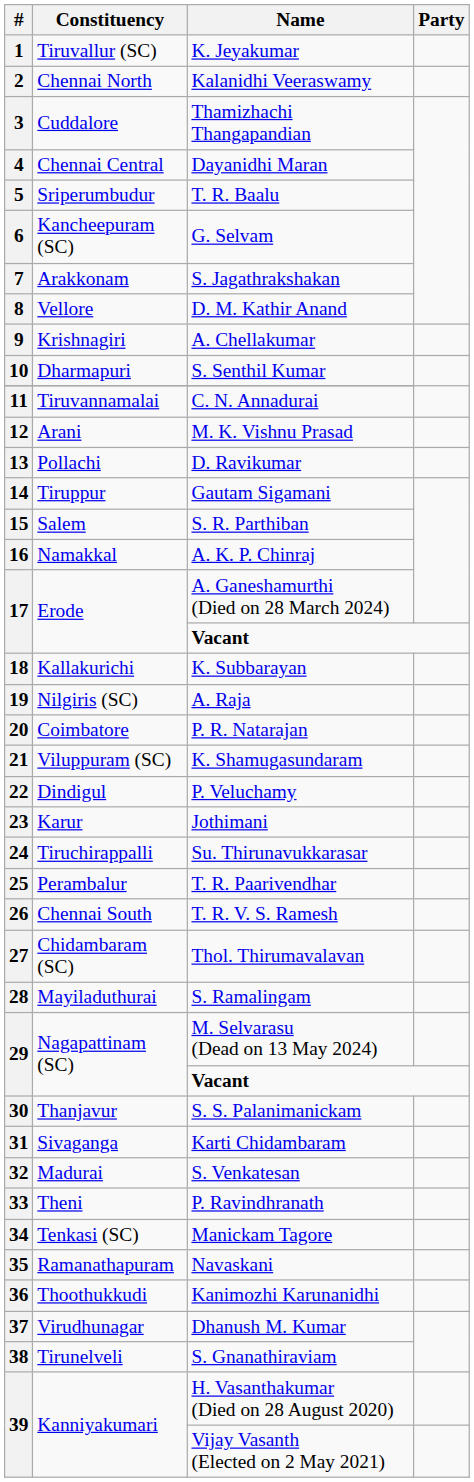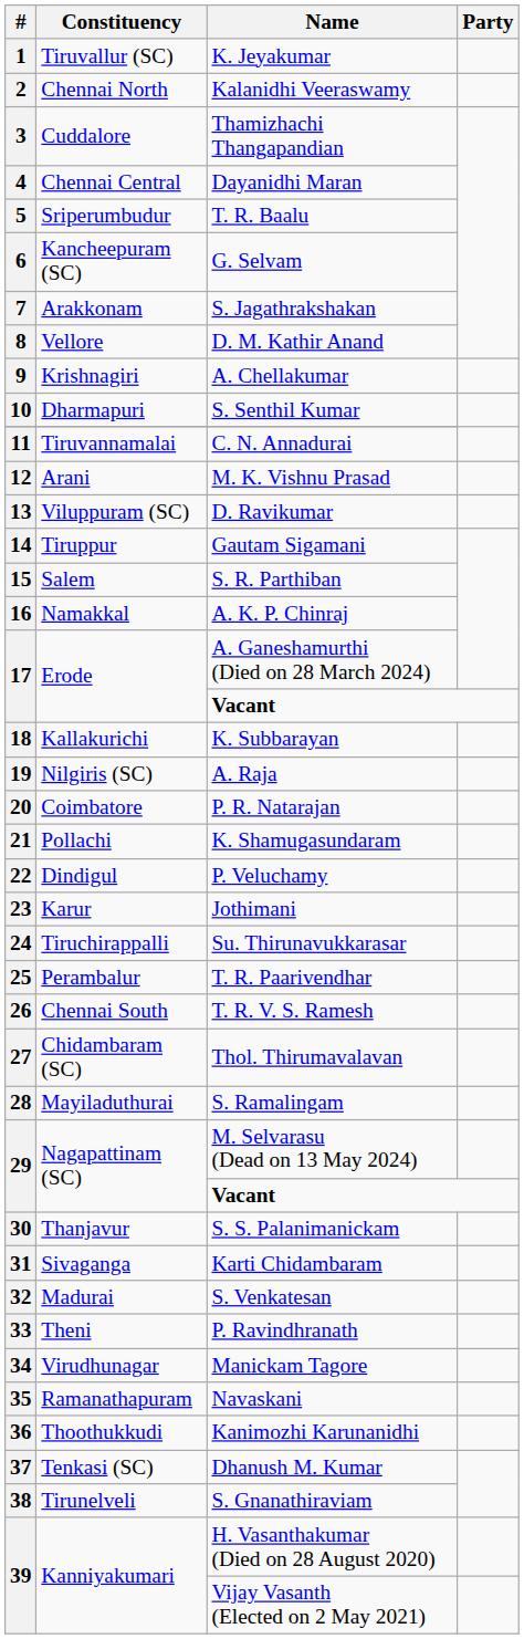 <table class="wikitable sortable">
 <tr>
 <th>#</th>
 <th style="width:120px">Constituency</th>
 <th style="width:180px">Name</th>
 <th colspan=2>Party</th>
 </tr>
 <tr>
 <th>1</th>
 <td><a href='#'>Tiruvallur</a> (SC)</td>
 <td><a href='#'>K. Jeyakumar</a></td>
 <td></td>
 </tr>
 <tr>
 <th>2</th>
 <td><a href='#'>Chennai North</a></td>
 <td><a href='#'>Kalanidhi Veeraswamy</a></td>
 <td></td>
 </tr>
 <tr>
 <th>3</th>
 <td><a href='#'>Cuddalore</a></td>
 <td><a href='#'>Thamizhachi Thangapandian</a></td>
 </tr>
 <tr>
 <th>4</th>
 <td><a href='#'>Chennai Central</a></td>
 <td><a href='#'>Dayanidhi Maran</a></td>
 </tr>
 <tr>
 <th>5</th>
 <td><a href='#'>Sriperumbudur</a></td>
 <td><a href='#'>T. R. Baalu</a></td>
 </tr>
 <tr>
 <th>6</th>
 <td><a href='#'>Kancheepuram</a> (SC)</td>
 <td><a href='#'>G. Selvam</a></td>
 </tr>
 <tr>
 <th>7</th>
 <td><a href='#'>Arakkonam</a></td>
 <td><a href='#'>S. Jagathrakshakan</a></td>
 </tr>
 <tr>
 <th>8</th>
 <td><a href='#'>Vellore</a></td>
 <td><a href='#'>D. M. Kathir Anand</a></td>
 </tr>
 <tr>
 <th>9</th>
 <td><a href='#'>Krishnagiri</a></td>
 <td><a href='#'>A. Chellakumar</a></td>
 <td></td>
 </tr>
 <tr>
 <th>10</th>
 <td><a href='#'>Dharmapuri</a></td>
 <td><a href='#'>S. Senthil Kumar</a></td>
 <td></td>
 </tr>
 <tr>
 </tr>
 <tr>
 <th>11</th>
 <td><a href='#'>Tiruvannamalai</a></td>
 <td><a href='#'>C. N. Annadurai</a></td>
 </tr>
 <tr>
 <th>12</th>
 <td><a href='#'>Arani</a></td>
 <td><a href='#'>M. K. Vishnu Prasad</a></td>
 <td></td>
 </tr>
 <tr>
 <th>13</th>
-<td><a href='#'>Pollachi</a></td>
+<td><a href='#'>Viluppuram</a> (SC)</td>
 <td><a href='#'>D. Ravikumar</a></td>
 <td></td>
 </tr>
 <tr>
 <th>14</th>
 <td><a href='#'>Tiruppur</a></td>
 <td><a href='#'>Gautam Sigamani</a></td>
 </tr>
 <tr>
 <th>15</th>
 <td><a href='#'>Salem</a></td>
 <td><a href='#'>S. R. Parthiban</a></td>
 </tr>
 <tr>
 <th>16</th>
 <td><a href='#'>Namakkal</a></td>
 <td><a href='#'>A. K. P. Chinraj</a></td>
 </tr>
 <tr>
 <th rowspan=2>17</th>
 <td rowspan=2><a href='#'>Erode</a></td>
 <td><a href='#'>A. Ganeshamurthi</a><br>(Died on 28 March 2024)</td>
 </tr>
 <tr>
 <td colspan=3><strong>Vacant</strong></td>
 </tr>
 <tr>
 <th>18</th>
 <td><a href='#'>Kallakurichi</a></td>
 <td><a href='#'>K. Subbarayan</a></td>
 <td></td>
 </tr>
 <tr>
 <th>19</th>
 <td><a href='#'>Nilgiris</a> (SC)</td>
 <td><a href='#'>A. Raja</a></td>
 <td></td>
 </tr>
 <tr>
 <th>20</th>
 <td><a href='#'>Coimbatore</a></td>
 <td><a href='#'>P. R. Natarajan</a></td>
 <td></td>
 </tr>
 <tr>
 <th>21</th>
-<td><a href='#'>Viluppuram</a> (SC)</td>
+<td><a href='#'>Pollachi</a></td>
 <td><a href='#'>K. Shamugasundaram</a></td>
 <td></td>
 </tr>
 <tr>
 <th>22</th>
 <td><a href='#'>Dindigul</a></td>
 <td><a href='#'>P. Veluchamy</a></td>
 </tr>
 <tr>
 <th>23</th>
 <td><a href='#'>Karur</a></td>
 <td><a href='#'>Jothimani</a></td>
 <td></td>
 </tr>
 <tr>
 <th>24</th>
 <td><a href='#'>Tiruchirappalli</a></td>
 <td><a href='#'>Su. Thirunavukkarasar</a></td>
 </tr>
 <tr>
 <th>25</th>
 <td><a href='#'>Perambalur</a></td>
 <td><a href='#'>T. R. Paarivendhar</a></td>
 <td></td>
 </tr>
 <tr>
 <th>26</th>
 <td><a href='#'>Chennai South</a></td>
 <td><a href='#'>T. R. V. S. Ramesh</a></td>
 </tr>
 <tr>
 <th>27</th>
 <td><a href='#'>Chidambaram</a> (SC)</td>
 <td><a href='#'>Thol. Thirumavalavan</a></td>
 <td></td>
 </tr>
 <tr>
 <th>28</th>
 <td><a href='#'>Mayiladuthurai</a></td>
 <td><a href='#'>S. Ramalingam</a></td>
 <td></td>
 </tr>
 <tr>
 <th rowspan=2>29</th>
 <td rowspan=2><a href='#'>Nagapattinam</a> (SC)</td>
 <td><a href='#'>M. Selvarasu</a><br>(Dead on 13 May 2024)</td>
 <td></td>
 </tr>
 <tr>
 <td colspan=3><strong>Vacant</strong></td>
 </tr>
 <tr>
 <th>30</th>
 <td><a href='#'>Thanjavur</a></td>
 <td><a href='#'>S. S. Palanimanickam</a></td>
 <td></td>
 </tr>
 <tr>
 <th>31</th>
 <td><a href='#'>Sivaganga</a></td>
 <td><a href='#'>Karti Chidambaram</a></td>
 <td></td>
 </tr>
 <tr>
 <th>32</th>
 <td><a href='#'>Madurai</a></td>
 <td><a href='#'>S. Venkatesan</a></td>
 <td></td>
 </tr>
 <tr>
 <th>33</th>
 <td><a href='#'>Theni</a></td>
 <td><a href='#'>P. Ravindhranath</a></td>
 <td></td>
 </tr>
 <tr>
 <th>34</th>
-<td><a href='#'>Tenkasi</a> (SC)</td>
+<td><a href='#'>Virudhunagar</a></td>
 <td><a href='#'>Manickam Tagore</a></td>
 <td></td>
 </tr>
 <tr>
 <th>35</th>
 <td><a href='#'>Ramanathapuram</a></td>
 <td><a href='#'>Navaskani</a></td>
 <td></td>
 </tr>
 <tr>
 <th>36</th>
 <td><a href='#'>Thoothukkudi</a></td>
 <td><a href='#'>Kanimozhi Karunanidhi</a></td>
 <td></td>
 </tr>
 <tr>
 <th>37</th>
-<td><a href='#'>Virudhunagar</a></td>
+<td><a href='#'>Tenkasi</a> (SC)</td>
 <td><a href='#'>Dhanush M. Kumar</a></td>
 </tr>
 <tr>
 <th>38</th>
 <td><a href='#'>Tirunelveli</a></td>
 <td><a href='#'>S. Gnanathiraviam</a></td>
 </tr>
 <tr>
 <th rowspan=2>39</th>
 <td rowspan=2><a href='#'>Kanniyakumari</a></td>
 <td><a href='#'>H. Vasanthakumar</a><br>(Died on 28 August 2020)</td>
 <td></td>
 </tr>
 <tr>
 <td><a href='#'>Vijay Vasanth</a><br>(Elected on 2 May 2021)</td>
 </tr>
 </table>
